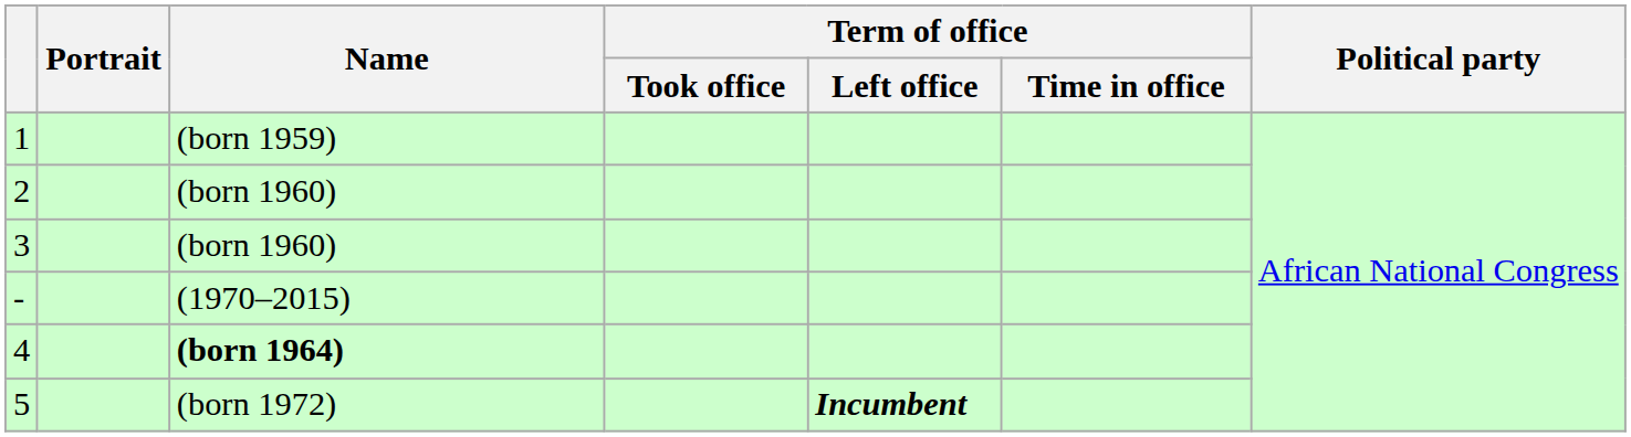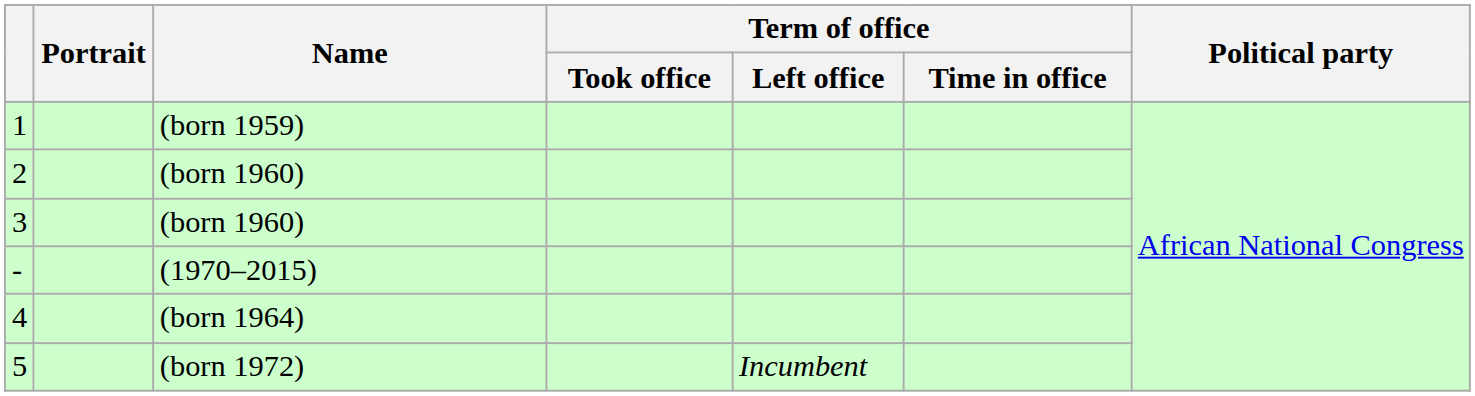 <table class="wikitable sortable">
 <tr>
 <th rowspan="2"></th>
 <th rowspan="2">Portrait</th>
 <th rowspan="2" width="200px">Name<br></th>
 <th colspan="3" width="300px">Term of office</th>
 <th rowspan="2">Political party</th>
 </tr>
 <tr>
 <th>Took office</th>
 <th>Left office</th>
 <th>Time in office</th>
 </tr>
 <tr bgcolor=#CCFFCC>
 <td>1</td>
 <td></td>
 <td> (born 1959)</td>
 <td></td>
 <td></td>
 <td></td>
 <td rowspan=6><a href='#'>African National Congress</a></td>
 </tr>
 <tr bgcolor=#CCFFCC>
 <td>2</td>
 <td></td>
 <td> (born 1960)</td>
 <td></td>
 <td></td>
 <td></td>
 </tr>
 <tr bgcolor=#CCFFCC>
 <td>3</td>
 <td></td>
 <td> (born 1960)</td>
 <td></td>
 <td></td>
 <td></td>
 </tr>
 <tr bgcolor=#CCFFCC>
 <td>-</td>
 <td></td>
 <td> (1970–2015)</td>
 <td></td>
 <td></td>
 <td></td>
 </tr>
 <tr bgcolor=#CCFFCC>
 <td>4</td>
 <td></td>
-<td><strong> (born 1964)</strong></td>
+<td> (born 1964)</td>
 <td></td>
 <td></td>
 <td></td>
 </tr>
 <tr bgcolor=#CCFFCC>
 <td>5</td>
 <td></td>
 <td> (born 1972)</td>
 <td></td>
-<td><strong><em>Incumbent</em></strong></td>
+<td><em>Incumbent</em></td>
 <td></td>
 </tr>
 </table>
